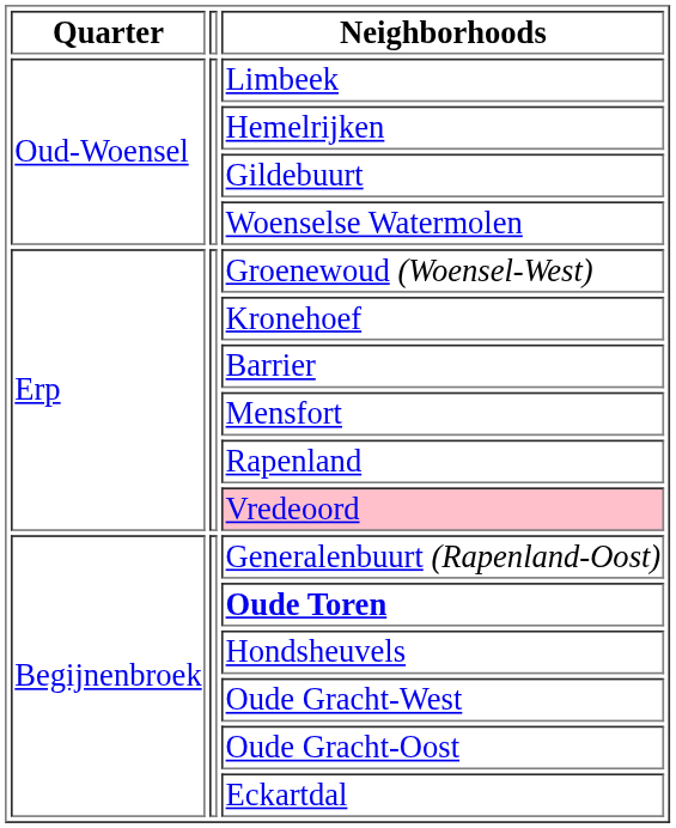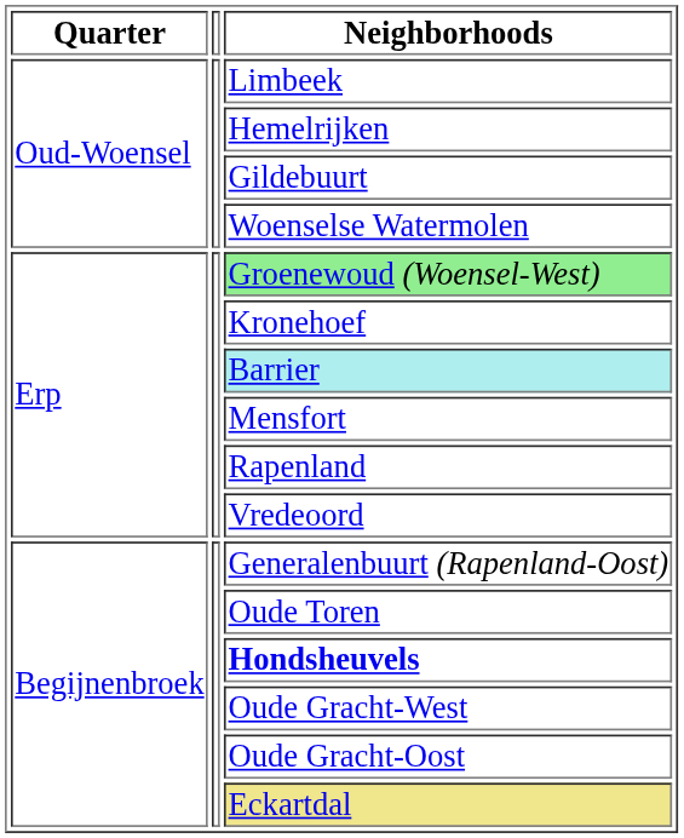 <table border=1>
 <tr>
 <th>Quarter</th>
 <th></th>
 <th>Neighborhoods</th>
 </tr>
 <tr>
 <td rowspan=4><a href='#'>Oud-Woensel</a></td>
 <td rowspan=4></td>
 <td><a href='#'>Limbeek</a></td>
 </tr>
 <tr>
 <td><a href='#'>Hemelrijken</a></td>
 </tr>
 <tr>
 <td><a href='#'>Gildebuurt</a></td>
 </tr>
 <tr>
 <td><a href='#'>Woenselse Watermolen</a></td>
 </tr>
 <tr>
 <td rowspan=6><a href='#'>Erp</a></td>
 <td rowspan=6></td>
-<td><a href='#'>Groenewoud</a> <em>(Woensel-West)</em></td>
+<td style="background: lightgreen;"><a href='#'>Groenewoud</a> <em>(Woensel-West)</em></td>
 </tr>
 <tr>
 <td><a href='#'>Kronehoef</a></td>
 </tr>
 <tr>
-<td><a href='#'>Barrier</a></td>
+<td style="background: paleturquoise;"><a href='#'>Barrier</a></td>
 </tr>
 <tr>
 <td><a href='#'>Mensfort</a></td>
 </tr>
 <tr>
 <td><a href='#'>Rapenland</a></td>
 </tr>
 <tr>
-<td style="background: pink;"><a href='#'>Vredeoord</a></td>
+<td><a href='#'>Vredeoord</a></td>
 </tr>
 <tr>
 <td rowspan=6><a href='#'>Begijnenbroek</a></td>
 <td rowspan=6></td>
 <td><a href='#'>Generalenbuurt</a> <em>(Rapenland-Oost)</em></td>
 </tr>
 <tr>
-<td><strong><a href='#'>Oude Toren</a></strong></td>
+<td><a href='#'>Oude Toren</a></td>
 </tr>
 <tr>
-<td><a href='#'>Hondsheuvels</a></td>
+<td><strong><a href='#'>Hondsheuvels</a></strong></td>
 </tr>
 <tr>
 <td><a href='#'>Oude Gracht-West</a></td>
 </tr>
 <tr>
 <td><a href='#'>Oude Gracht-Oost</a></td>
 </tr>
 <tr>
-<td><a href='#'>Eckartdal</a></td>
+<td style="background: khaki;"><a href='#'>Eckartdal</a></td>
 </tr>
 </table>
